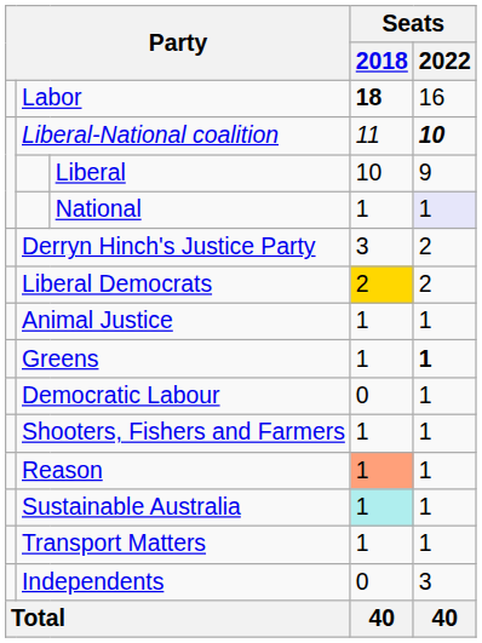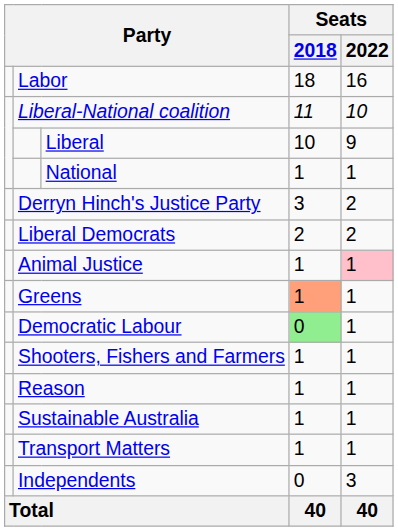 <table class="wikitable">
 <tr>
 <th rowspan =2 colspan =3>Party</th>
 <th colspan =2>Seats</th>
 </tr>
 <tr>
 <th><a href='#'>2018</a></th>
 <th>2022</th>
 </tr>
 <tr>
 <td></td>
 <td colspan =2><a href='#'>Labor</a></td>
-<td><strong>18</strong></td>
+<td>18</td>
 <td>16</td>
 </tr>
 <tr>
 <td rowspan =3 ></td>
 <td colspan =2><em><a href='#'>Liberal-National coalition</a></em></td>
 <td><em>11</em></td>
-<td><strong><em>10</em></strong></td>
+<td><em>10</em></td>
 </tr>
 <tr>
 <td></td>
 <td><a href='#'>Liberal</a></td>
 <td>10</td>
 <td>9</td>
 </tr>
 <tr>
 <td></td>
 <td><a href='#'>National</a></td>
 <td>1</td>
-<td style="background: lavender;">1</td>
+<td>1</td>
 </tr>
 <tr>
 <td></td>
 <td colspan =2><a href='#'>Derryn Hinch's Justice Party</a></td>
 <td>3</td>
 <td>2</td>
 </tr>
 <tr>
 <td></td>
 <td colspan =2><a href='#'>Liberal Democrats</a></td>
-<td style="background: gold;">2</td>
+<td>2</td>
 <td>2</td>
 </tr>
 <tr>
 <td></td>
 <td colspan =2><a href='#'>Animal Justice</a></td>
 <td>1</td>
+<td style="background: pink;">1</td>
+</tr>
+<tr>
+<td></td>
+<td colspan =2><a href='#'>Greens</a></td>
+<td style="background: lightsalmon;">1</td>
 <td>1</td>
 </tr>
 <tr>
 <td></td>
-<td colspan =2><a href='#'>Greens</a></td>
-<td>1</td>
-<td><strong>1</strong></td>
-</tr>
-<tr>
-<td></td>
 <td colspan =2><a href='#'>Democratic Labour</a></td>
-<td>0</td>
+<td style="background: lightgreen;">0</td>
 <td>1</td>
 </tr>
 <tr>
 <td></td>
 <td colspan =2><a href='#'>Shooters, Fishers and Farmers</a></td>
 <td>1</td>
 <td>1</td>
 </tr>
 <tr>
 <td></td>
 <td colspan =2><a href='#'>Reason</a></td>
-<td style="background: lightsalmon;">1</td>
+<td>1</td>
 <td>1</td>
 </tr>
 <tr>
 <td></td>
 <td colspan =2><a href='#'>Sustainable Australia</a></td>
-<td style="background: paleturquoise;">1</td>
+<td>1</td>
 <td>1</td>
 </tr>
 <tr>
 <td></td>
 <td colspan =2><a href='#'>Transport Matters</a></td>
 <td>1</td>
 <td>1</td>
 </tr>
 <tr>
 <td></td>
 <td colspan =2><a href='#'>Independents</a></td>
 <td>0</td>
 <td>3</td>
 </tr>
 <tr>
 <th style="text-align:left;" colspan =3><strong>Total</strong></th>
 <th><strong>40</strong></th>
 <th><strong>40</strong></th>
 </tr>
 </table>
